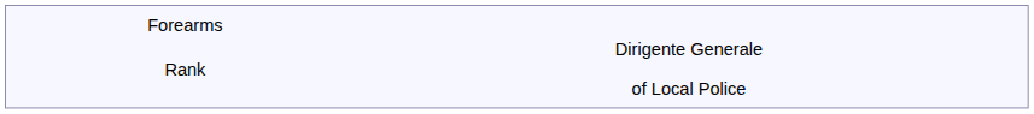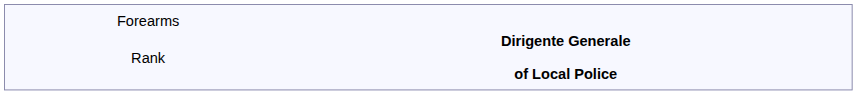 <table style="border:1px solid #8888aa; background-color:#f7f8ff; padding:5px; font-size:95%; margin: 0px 12px 12px 0px;" width="100%">
 <tr align="center">
 <td>Forearms</td>
 <td></td>
 </tr>
 <tr align="center">
 <td>Rank</td>
-<td>Dirigente Generale<br><br>of Local Police</td>
+<td><strong>Dirigente Generale<br><br>of Local Police</strong></td>
 </tr>
 </table>
